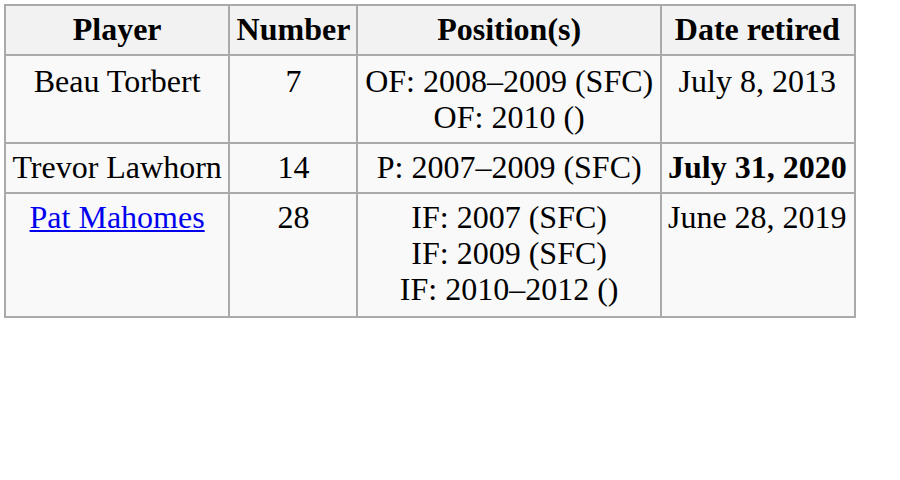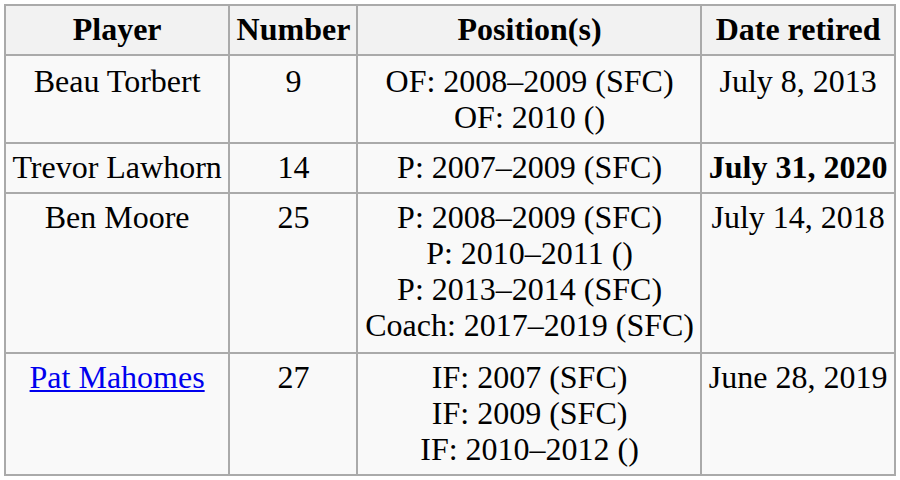 <table class="wikitable" style="text-align:center">
 <tr>
 <th style="text-align:center; ">Player</th>
 <th style="text-align:center; ">Number</th>
 <th style="text-align:center; ">Position(s)</th>
 <th style="text-align:center; ">Date retired</th>
 </tr>
 <tr style="vertical-align:top">
 <td style="text-align:center;">Beau Torbert</td>
-<td>7</td>
+<td>9</td>
 <td>OF: 2008–2009 (SFC)<br>OF: 2010 ()</td>
 <td>July 8, 2013</td>
 </tr>
 <tr style="vertical-align:top">
 <td style="text-align:center;">Trevor Lawhorn</td>
 <td>14</td>
 <td>P: 2007–2009 (SFC)</td>
 <td><strong>July 31, 2020</strong></td>
 </tr>
 <tr style="vertical-align:top">
+<td style="text-align:center;">Ben Moore</td>
+<td>25</td>
+<td>P: 2008–2009 (SFC)<br>P: 2010–2011 ()<br>P: 2013–2014 (SFC)<br>Coach: 2017–2019 (SFC)</td>
+<td>July 14, 2018</td>
+</tr>
+<tr style="vertical-align:top">
 <td style="text-align:center;"><a href='#'>Pat Mahomes</a></td>
-<td>28</td>
+<td>27</td>
 <td>IF: 2007 (SFC)<br>IF: 2009 (SFC)<br>IF: 2010–2012 ()</td>
 <td>June 28, 2019</td>
 </tr>
 <tr style="vertical-align:top">
 </tr>
 </table>
